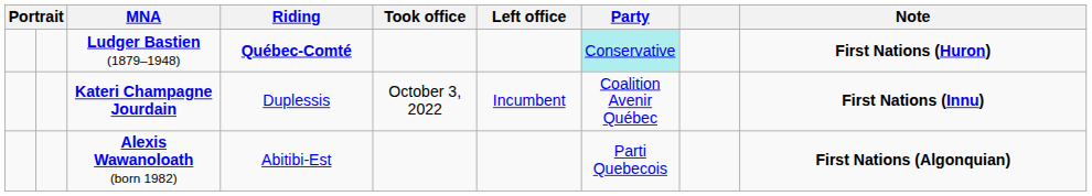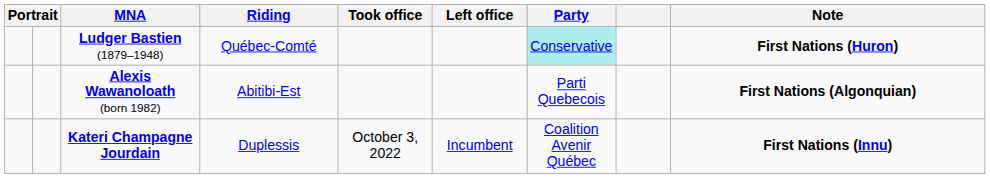 <table class="wikitable sortable plainrowheaders" style="text-align: center;">
 <tr>
 <th colspan="2" class=unsortable>Portrait</th>
 <th class="unsortable" style="width:150px;"><a href='#'>MNA</a></th>
 <th scope="col" style="width:150px;"><a href='#'>Riding</a></th>
 <th scope="col" style="width:100px;">Took office</th>
 <th scope="col" style="width:100px;">Left office</th>
 <th scope="col" style="width:70px;"><a href='#'>Party</a></th>
 <th scope="col" class="unsortable" style="width:55px;"></th>
 <th scope="col" class="unsortable" style="width:350px;">Note</th>
 </tr>
 <tr>
 <td rowspan="1" style="background:"></td>
 <td></td>
 <td><strong><a href='#'>Ludger Bastien</a></strong><br><small>(1879–1948)</small></td>
-<td><strong><a href='#'>Québec-Comté</a></strong></td>
+<td><a href='#'>Québec-Comté</a></td>
 <td></td>
 <td></td>
 <td style="background: paleturquoise;"><a href='#'>Conservative</a></td>
 <td></td>
 <td><strong>First Nations (<a href='#'>Huron</a>)</strong></td>
+</tr>
+<tr>
+<td rowspan="1" style="background:"></td>
+<td></td>
+<td><strong><a href='#'>Alexis Wawanoloath</a></strong><br><small>(born 1982)</small></td>
+<td><a href='#'>Abitibi-Est</a></td>
+<td></td>
+<td></td>
+<td><a href='#'>Parti Quebecois</a></td>
+<td></td>
+<td><strong>First Nations (Algonquian)</strong></td>
 </tr>
 <tr>
 <td rowspan="1" style="background:"></td>
 <td></td>
 <td><strong><a href='#'>Kateri Champagne Jourdain</a></strong></td>
 <td><a href='#'>Duplessis</a></td>
 <td>October 3, 2022</td>
 <td><a href='#'>Incumbent</a></td>
 <td><a href='#'>Coalition Avenir Québec</a></td>
 <td></td>
 <td><strong>First Nations (<a href='#'>Innu</a>)</strong></td>
 </tr>
-<tr>
-<td rowspan="1" style="background:"></td>
-<td></td>
-<td><strong><a href='#'>Alexis Wawanoloath</a></strong><br><small>(born 1982)</small></td>
-<td><a href='#'>Abitibi-Est</a></td>
-<td></td>
-<td></td>
-<td><a href='#'>Parti Quebecois</a></td>
-<td></td>
-<td><strong>First Nations (Algonquian)</strong></td>
-</tr>
 </table>
